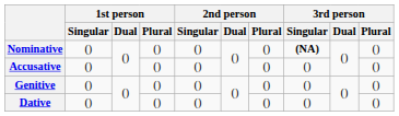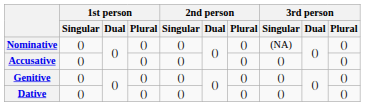 <table style="text-align: center;" class="wikitable">
 <tr>
 <th rowspan="2"></th>
 <th colspan="3">1st person</th>
 <th colspan="3">2nd person</th>
 <th colspan="3">3rd person</th>
 </tr>
 <tr>
 <th>Singular</th>
 <th>Dual</th>
 <th>Plural</th>
 <th>Singular</th>
 <th>Dual</th>
 <th>Plural</th>
 <th>Singular</th>
 <th>Dual</th>
 <th>Plural</th>
 </tr>
 <tr>
 <th><a href='#'>Nominative</a></th>
 <td> ()</td>
 <td rowspan="2"> ()</td>
 <td> ()</td>
 <td> ()</td>
 <td rowspan="2"> ()</td>
 <td> ()</td>
-<td><strong>(NA)</strong></td>
+<td>(NA)</td>
 <td rowspan="2"> ()</td>
 <td> ()</td>
 </tr>
 <tr>
 <th><a href='#'>Accusative</a></th>
 <td> ()</td>
 <td> ()</td>
 <td> ()</td>
 <td> ()</td>
 <td> ()</td>
 <td> ()</td>
 </tr>
 <tr>
 <th><a href='#'>Genitive</a></th>
 <td> ()</td>
 <td rowspan="2"> ()</td>
 <td> ()</td>
 <td> ()</td>
 <td rowspan="2"> ()</td>
 <td> ()</td>
 <td> ()</td>
 <td rowspan="2"> ()</td>
 <td> ()</td>
 </tr>
 <tr>
 <th><a href='#'>Dative</a></th>
 <td> ()</td>
 <td> ()</td>
 <td> ()</td>
 <td> ()</td>
 <td> ()</td>
 <td> ()</td>
 </tr>
 </table>
